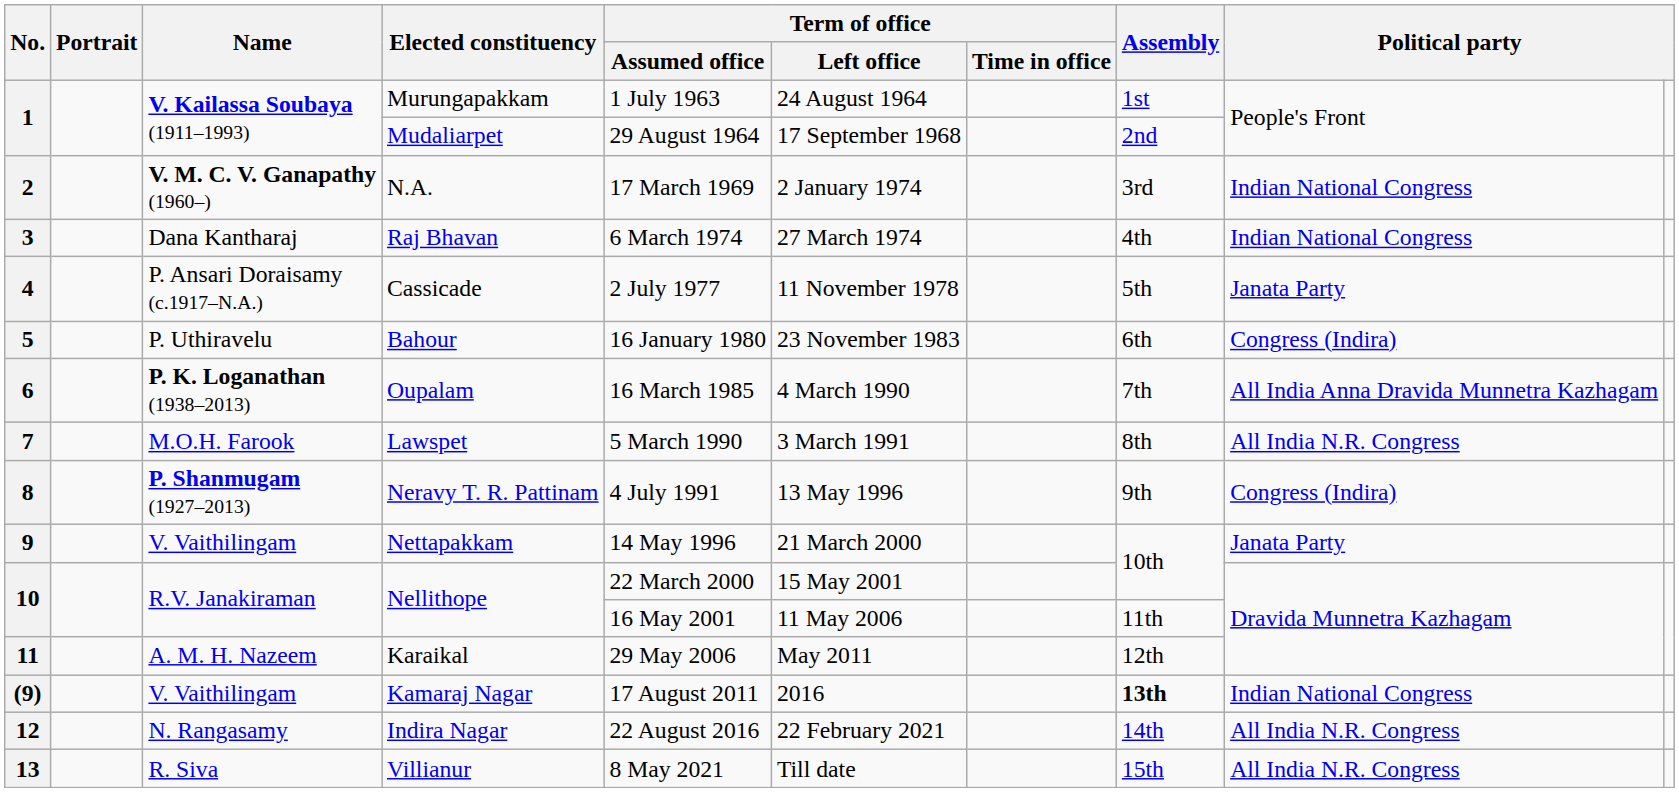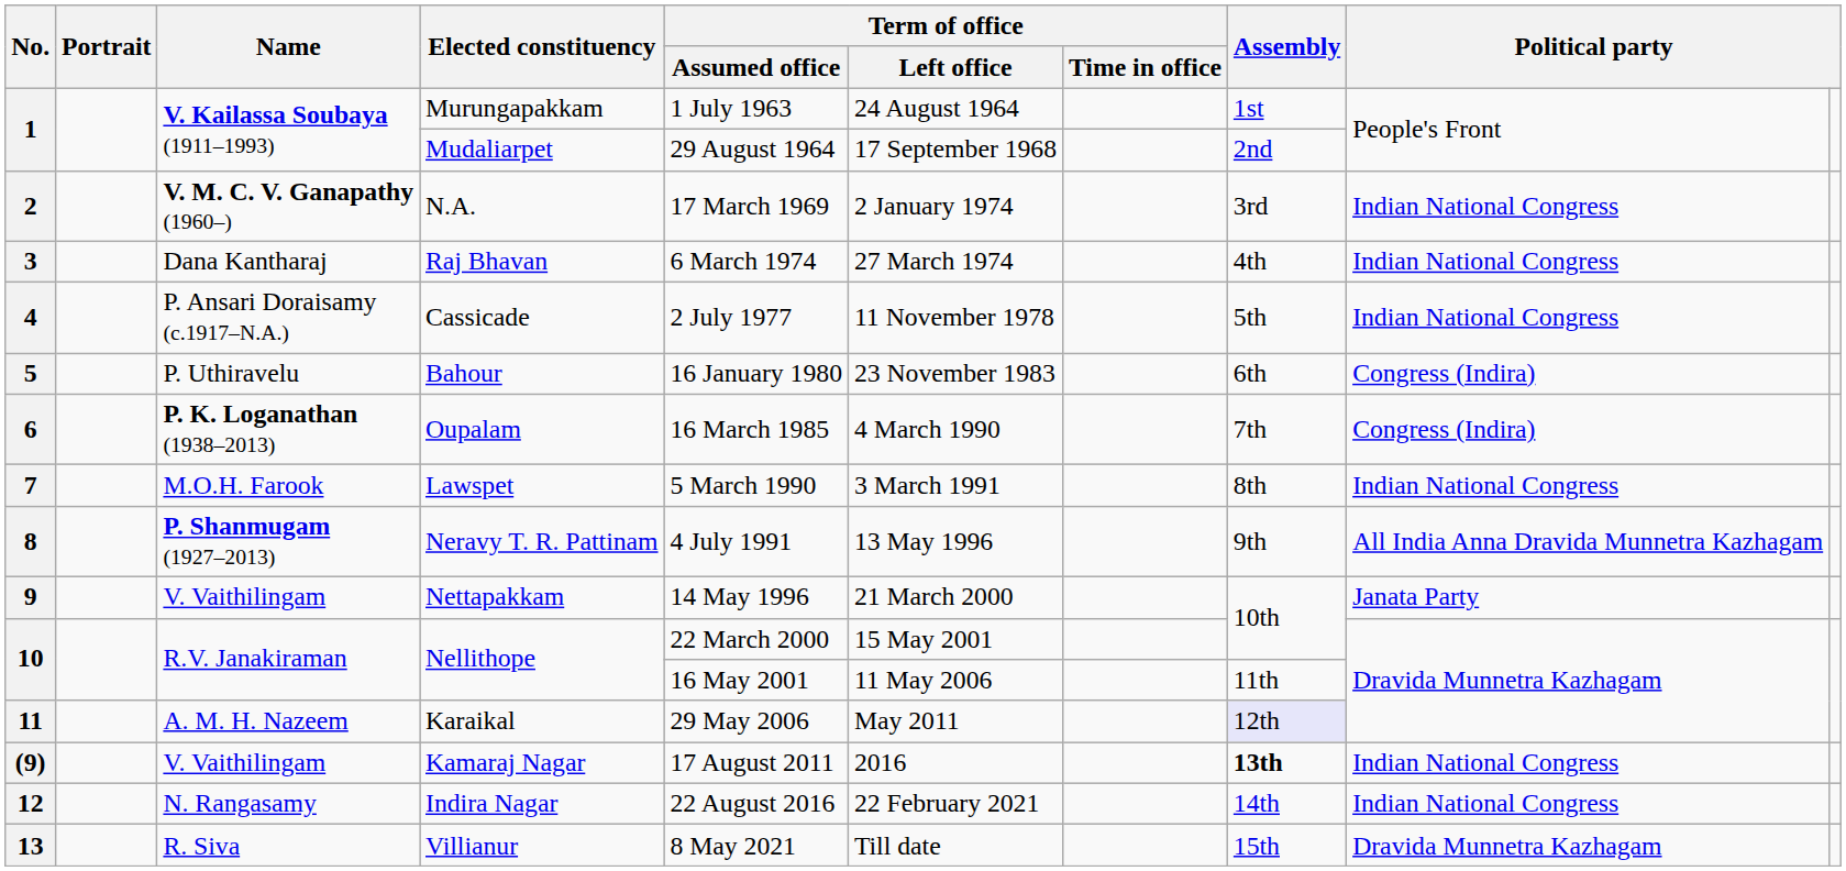 <table class="wikitable sortable">
 <tr>
 <th rowspan="2">No.</th>
 <th rowspan="2">Portrait</th>
 <th rowspan="2">Name<br><small></small></th>
 <th rowspan="2">Elected constituency</th>
 <th colspan="3">Term of office</th>
 <th rowspan="2"><a href='#'>Assembly</a><br></th>
 <th rowspan="2" colspan="2">Political party</th>
 </tr>
 <tr>
 <th>Assumed office</th>
 <th>Left office</th>
 <th>Time in office</th>
 </tr>
 <tr>
 <th rowspan=2>1</th>
 <td rowspan=2></td>
 <td rowspan=2><strong><a href='#'>V. Kailassa Soubaya</a></strong><br><small>(1911–1993)</small></td>
 <td>Murungapakkam</td>
 <td>1 July 1963</td>
 <td>24 August 1964</td>
 <td></td>
 <td><a href='#'>1st</a><br></td>
 <td rowspan = "2">People's Front</td>
 <td rowspan="2" style="background:"></td>
 </tr>
 <tr>
 <td><a href='#'>Mudaliarpet</a></td>
 <td>29 August 1964</td>
 <td>17 September 1968</td>
 <td></td>
 <td><a href='#'>2nd</a><br></td>
 </tr>
 <tr>
 <th>2</th>
 <td></td>
 <td><strong>V. M. C. V. Ganapathy</strong><br><small>(1960–)</small></td>
 <td>N.A.</td>
 <td>17 March 1969</td>
 <td>2 January 1974</td>
 <td></td>
 <td>3rd<br></td>
 <td><a href='#'>Indian National Congress</a></td>
 <td style="background:"></td>
 </tr>
 <tr>
 <th>3</th>
 <td></td>
 <td>Dana Kantharaj</td>
 <td><a href='#'>Raj Bhavan</a></td>
 <td>6 March 1974</td>
 <td>27 March 1974</td>
 <td></td>
 <td>4th<br></td>
 <td><a href='#'>Indian National Congress</a></td>
 <td style="background:"></td>
 </tr>
 <tr>
 <th>4</th>
 <td></td>
 <td>P. Ansari Doraisamy<br><small>(c.1917–N.A.)</small></td>
 <td>Cassicade</td>
 <td>2 July 1977</td>
 <td>11 November 1978</td>
 <td></td>
 <td>5th<br></td>
-<td><a href='#'>Janata Party</a></td>
+<td><a href='#'>Indian National Congress</a></td>
 <td style="background:"></td>
 </tr>
 <tr>
 <th>5</th>
 <td></td>
 <td>P. Uthiravelu</td>
 <td><a href='#'>Bahour</a></td>
 <td>16 January 1980</td>
 <td>23 November 1983</td>
 <td></td>
 <td>6th<br></td>
 <td><a href='#'>Congress (Indira)</a></td>
 <td style="background:"></td>
 </tr>
 <tr>
 <th>6</th>
 <td></td>
 <td><strong>P. K. Loganathan</strong><br><small>(1938–2013)</small></td>
 <td><a href='#'>Oupalam</a></td>
 <td>16 March 1985</td>
 <td>4 March 1990</td>
 <td></td>
 <td>7th<br></td>
-<td><a href='#'>All India Anna Dravida Munnetra Kazhagam</a></td>
+<td><a href='#'>Congress (Indira)</a></td>
 <td style="background:"></td>
 </tr>
 <tr>
 <th>7</th>
 <td></td>
 <td><a href='#'>M.O.H. Farook </a></td>
 <td><a href='#'>Lawspet</a></td>
 <td>5 March 1990</td>
 <td>3 March 1991</td>
 <td></td>
 <td>8th<br></td>
-<td><a href='#'>All India N.R. Congress</a></td>
+<td><a href='#'>Indian National Congress</a></td>
 <td style="background:"></td>
 </tr>
 <tr>
 <th>8</th>
 <td></td>
 <td><strong><a href='#'>P. Shanmugam</a></strong><br><small>(1927–2013)</small></td>
 <td><a href='#'>Neravy T. R. Pattinam</a></td>
 <td>4 July 1991</td>
 <td>13 May 1996</td>
 <td></td>
 <td>9th<br></td>
-<td><a href='#'>Congress (Indira)</a></td>
+<td><a href='#'>All India Anna Dravida Munnetra Kazhagam</a></td>
 <td style="background:"></td>
 </tr>
 <tr>
 <th>9</th>
 <td></td>
 <td><a href='#'>V. Vaithilingam</a></td>
 <td><a href='#'>Nettapakkam</a></td>
 <td>14 May 1996</td>
 <td>21 March 2000</td>
 <td></td>
 <td rowspan = "2">10th<br></td>
 <td><a href='#'>Janata Party</a></td>
 <td style="background:"></td>
 </tr>
 <tr>
 <th rowspan=2>10</th>
 <td rowspan=2></td>
 <td rowspan=2><a href='#'>R.V. Janakiraman</a></td>
 <td rowspan=2><a href='#'>Nellithope</a></td>
 <td>22 March 2000</td>
 <td>15 May 2001</td>
 <td></td>
 <td rowspan = "3"><a href='#'>Dravida Munnetra Kazhagam</a></td>
 <td rowspan="3" style="background:"></td>
 </tr>
 <tr>
 <td>16 May 2001</td>
 <td>11 May 2006</td>
 <td></td>
 <td>11th<br></td>
 </tr>
 <tr>
 <th>11</th>
 <td></td>
 <td><a href='#'>A. M. H. Nazeem</a></td>
 <td>Karaikal</td>
 <td>29 May 2006</td>
 <td>May 2011</td>
 <td></td>
-<td>12th<br></td>
+<td style="background: lavender;">12th<br></td>
 </tr>
 <tr>
 <th>(9)</th>
 <td></td>
 <td><a href='#'>V. Vaithilingam</a></td>
 <td><a href='#'>Kamaraj Nagar</a></td>
 <td>17 August 2011</td>
 <td>2016</td>
 <td></td>
 <td><strong>13th<br></strong></td>
 <td><a href='#'>Indian National Congress</a></td>
 <td style="background:"></td>
 </tr>
 <tr>
 <th>12</th>
 <td></td>
 <td><a href='#'>N. Rangasamy</a></td>
 <td><a href='#'>Indira Nagar</a></td>
 <td>22 August 2016</td>
 <td>22 February 2021</td>
 <td></td>
 <td><a href='#'>14th</a><br></td>
-<td><a href='#'>All India N.R. Congress</a></td>
+<td><a href='#'>Indian National Congress</a></td>
 <td style="background:"></td>
 </tr>
 <tr>
 <th>13</th>
 <td></td>
 <td><a href='#'>R. Siva</a></td>
 <td><a href='#'>Villianur</a></td>
 <td>8 May 2021</td>
 <td>Till date</td>
 <td></td>
 <td><a href='#'>15th</a><br></td>
-<td><a href='#'>All India N.R. Congress</a></td>
+<td><a href='#'>Dravida Munnetra Kazhagam</a></td>
 <td style="background:"></td>
 </tr>
 <tr>
 </tr>
 </table>
